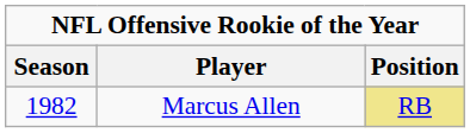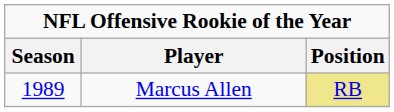 <table class="wikitable sortable" style="text-align:center">
 <tr>
 <td colspan="3"><strong>NFL Offensive Rookie of the Year</strong></td>
 </tr>
 <tr>
 <th style="width:50px; ">Season</th>
 <th style="width:160px; ">Player</th>
 <th style="width:50px; ">Position</th>
 </tr>
 <tr>
-<td><a href='#'>1982</a></td>
+<td><a href='#'>1989</a></td>
 <td><a href='#'>Marcus Allen</a></td>
 <td style="background: khaki;"><a href='#'>RB</a></td>
 </tr>
 </table>
